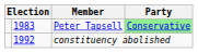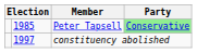 <table class="wikitable">
 <tr>
 <th colspan="2">Election</th>
 <th>Member</th>
 <th>Party</th>
 </tr>
 <tr>
 <td style="color:inherit;background-color: "></td>
-<td><a href='#'>1983</a></td>
+<td><a href='#'>1985</a></td>
 <td><a href='#'>Peter Tapsell</a></td>
 <td style="background: lightgreen;"><a href='#'>Conservative</a></td>
 </tr>
 <tr>
 <td></td>
-<td><a href='#'>1992</a></td>
+<td><a href='#'>1997</a></td>
 <td colspan="2"><em>constituency abolished</em></td>
 </tr>
 </table>
